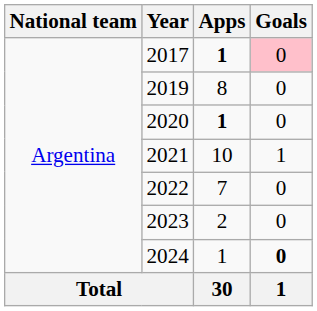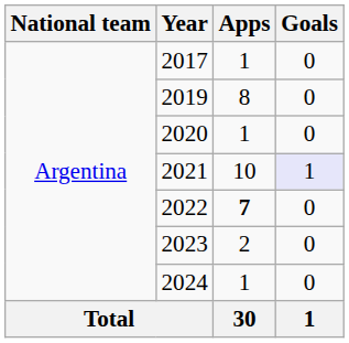 <table class="wikitable" style="text-align:center">
 <tr>
 <th>National team</th>
 <th>Year</th>
 <th>Apps</th>
 <th>Goals</th>
 </tr>
 <tr>
 <td rowspan="7"><a href='#'>Argentina</a></td>
 <td>2017</td>
-<td><strong>1</strong></td>
-<td style="background: pink;">0</td>
+<td>1</td>
+<td>0</td>
 </tr>
 <tr>
 <td>2019</td>
 <td>8</td>
 <td>0</td>
 </tr>
 <tr>
 <td>2020</td>
-<td><strong>1</strong></td>
+<td>1</td>
 <td>0</td>
 </tr>
 <tr>
 <td>2021</td>
 <td>10</td>
-<td>1</td>
+<td style="background: lavender;">1</td>
 </tr>
 <tr>
 <td>2022</td>
-<td>7</td>
+<td><strong>7</strong></td>
 <td>0</td>
 </tr>
 <tr>
 <td>2023</td>
 <td>2</td>
 <td>0</td>
 </tr>
 <tr>
 <td>2024</td>
 <td>1</td>
-<td><strong>0</strong></td>
+<td>0</td>
 </tr>
 <tr>
 <th colspan="2">Total</th>
 <th>30</th>
 <th>1</th>
 </tr>
 </table>
